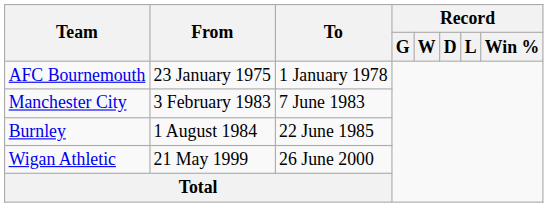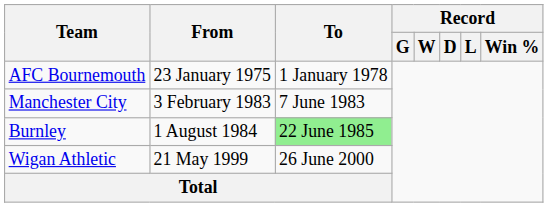 <table class="wikitable" style="text-align: center">
 <tr>
 <th rowspan=2>Team</th>
 <th rowspan=2>From</th>
 <th rowspan=2>To</th>
 <th colspan=5>Record</th>
 </tr>
 <tr>
 <th>G</th>
 <th>W</th>
 <th>D</th>
 <th>L</th>
 <th>Win %</th>
 </tr>
 <tr>
 <td align="left"><a href='#'>AFC Bournemouth</a></td>
 <td align="left">23 January 1975</td>
 <td align="left">1 January 1978<br></td>
 </tr>
 <tr>
 <td align="left"><a href='#'>Manchester City</a></td>
 <td align="left">3 February 1983</td>
 <td align="left">7 June 1983<br></td>
 </tr>
 <tr>
 <td align="left"><a href='#'>Burnley</a></td>
 <td align="left">1 August 1984</td>
-<td align="left">22 June 1985<br></td>
+<td align="left" style="background: lightgreen;">22 June 1985<br></td>
 </tr>
 <tr>
 <td align="left"><a href='#'>Wigan Athletic</a></td>
 <td align="left">21 May 1999</td>
 <td align="left">26 June 2000<br></td>
 </tr>
 <tr>
 <th colspan=3>Total<br></th>
 </tr>
 </table>
